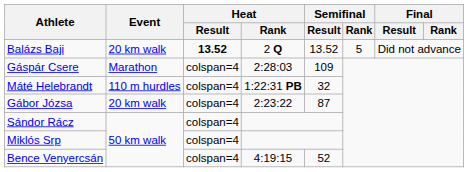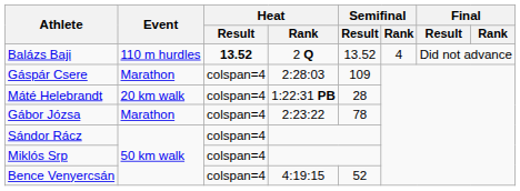 <table class="wikitable" style="font-size:90%">
 <tr>
 <th rowspan="2">Athlete</th>
 <th rowspan="2">Event</th>
 <th colspan="2">Heat</th>
 <th colspan="2">Semifinal</th>
 <th colspan="2">Final</th>
 </tr>
 <tr style="font-size:95%">
 <th>Result</th>
 <th>Rank</th>
 <th>Result</th>
 <th>Rank</th>
 <th>Result</th>
 <th>Rank</th>
 </tr>
 <tr align=center>
 <td align=left><a href='#'>Balázs Baji</a></td>
-<td align=left><a href='#'>20 km walk</a></td>
+<td align=left><a href='#'>110 m hurdles</a></td>
 <td><strong>13.52</strong></td>
 <td>2 <strong>Q</strong></td>
 <td>13.52</td>
-<td>5</td>
+<td>4</td>
 <td colspan=2>Did not advance</td>
 </tr>
 <tr align=center>
 <td align=left><a href='#'>Gáspár Csere</a></td>
 <td align=left><a href='#'>Marathon</a></td>
 <td>colspan=4 </td>
 <td>2:28:03</td>
 <td>109</td>
 </tr>
 <tr align=center>
 <td align=left><a href='#'>Máté Helebrandt</a></td>
-<td align=left><a href='#'>110 m hurdles</a></td>
+<td align=left><a href='#'>20 km walk</a></td>
 <td>colspan=4 </td>
 <td>1:22:31 <strong>PB</strong></td>
-<td>32</td>
+<td>28</td>
 </tr>
 <tr align=center>
 <td align=left><a href='#'>Gábor Józsa</a></td>
-<td align=left><a href='#'>20 km walk</a></td>
+<td align=left><a href='#'>Marathon</a></td>
 <td>colspan=4 </td>
 <td>2:23:22</td>
-<td>87</td>
+<td>78</td>
 </tr>
 <tr align=center>
 <td align=left><a href='#'>Sándor Rácz</a></td>
 <td align=left rowspan=3><a href='#'>50 km walk</a></td>
 <td>colspan=4 </td>
 <td colspan=2></td>
 </tr>
 <tr align=center>
 <td align=left><a href='#'>Miklós Srp</a></td>
 <td>colspan=4 </td>
 <td colspan=2></td>
 </tr>
 <tr align=center>
 <td align=left><a href='#'>Bence Venyercsán</a></td>
 <td>colspan=4 </td>
 <td>4:19:15</td>
 <td>52</td>
 </tr>
 </table>
